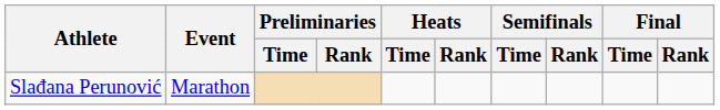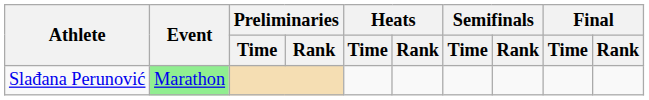 <table class=wikitable style="font-size:90%;">
 <tr>
 <th rowspan="2">Athlete</th>
 <th rowspan="2">Event</th>
 <th colspan="2">Preliminaries</th>
 <th colspan="2">Heats</th>
 <th colspan="2">Semifinals</th>
 <th colspan="2">Final</th>
 </tr>
 <tr>
 <th>Time</th>
 <th>Rank</th>
 <th>Time</th>
 <th>Rank</th>
 <th>Time</th>
 <th>Rank</th>
 <th>Time</th>
 <th>Rank</th>
 </tr>
 <tr style="border-top: single;">
 <td><a href='#'>Slađana Perunović</a></td>
-<td><a href='#'>Marathon</a></td>
+<td style="background: lightgreen;"><a href='#'>Marathon</a></td>
 <td colspan= 2 bgcolor="wheat"></td>
 <td align=center></td>
 <td align=center></td>
 <td align=center></td>
 <td align=center></td>
 <td align=center></td>
 <td align=center></td>
 </tr>
 </table>
